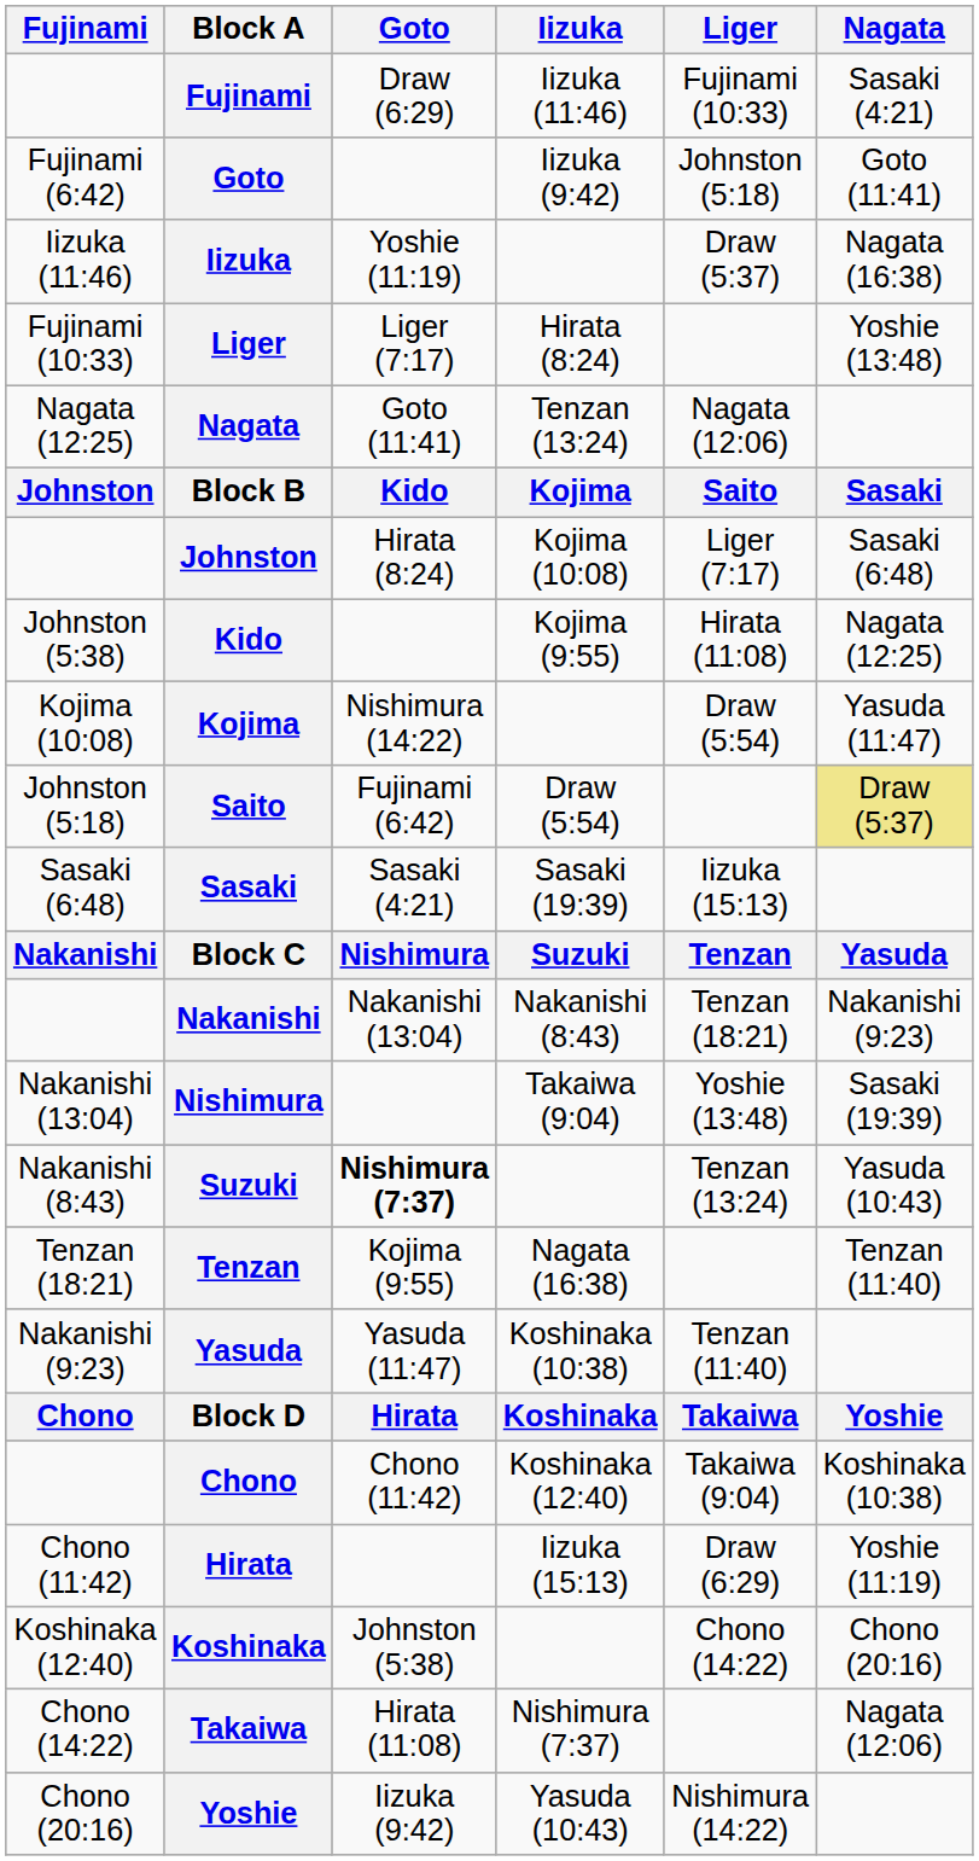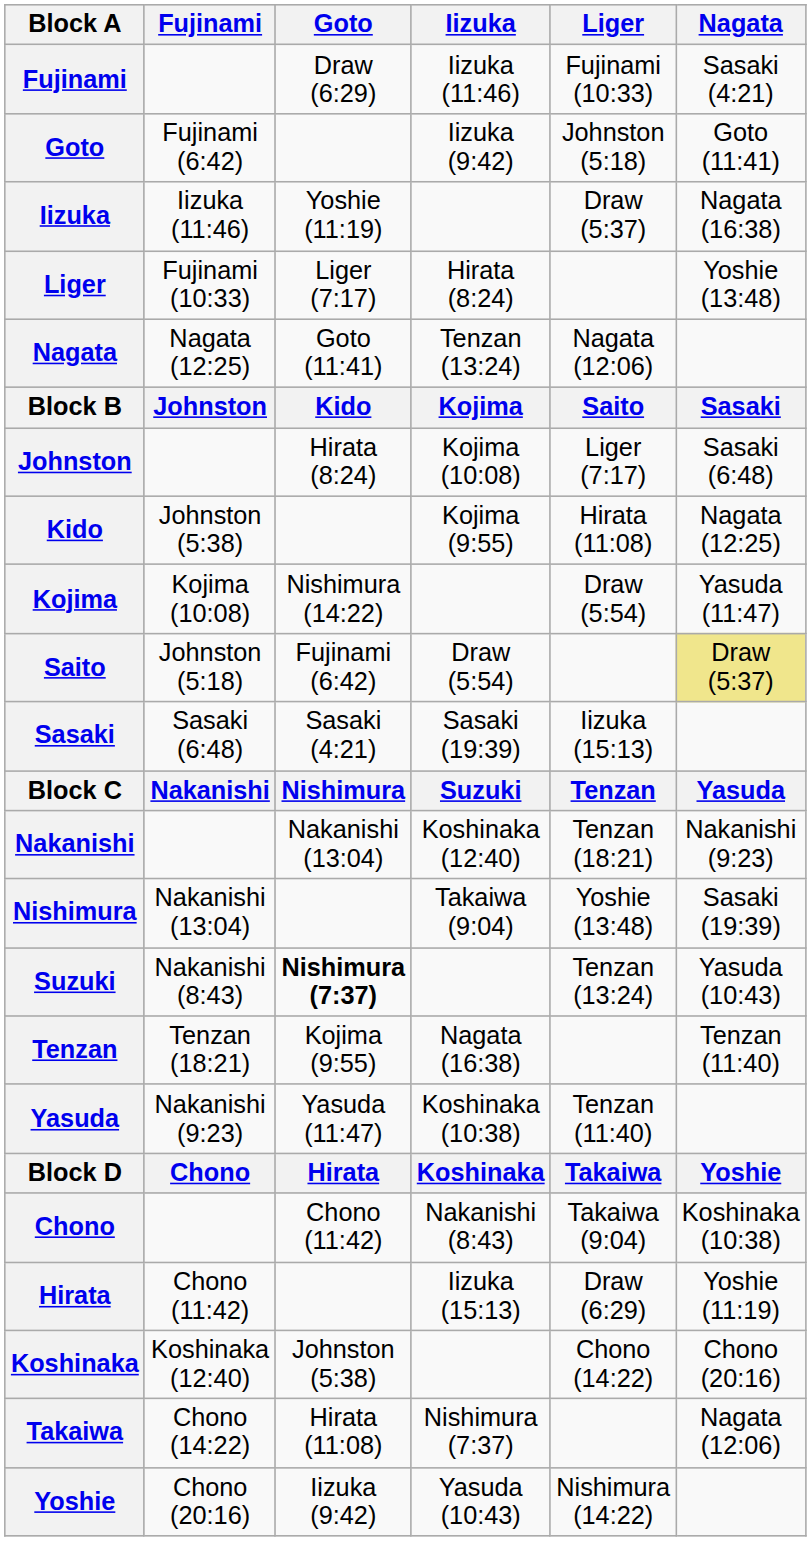 <table class="wikitable" style="margin: 1em auto 1em auto">
 <tr align="center">
+<th>Block A</th>
 <th><a href='#'>Fujinami</a></th>
-<th>Block A</th>
 <th><a href='#'>Goto</a></th>
 <th><a href='#'>Iizuka</a></th>
 <th><a href='#'>Liger</a></th>
 <th><a href='#'>Nagata</a></th>
 </tr>
 <tr align="center">
+<th><a href='#'>Fujinami</a></th>
 <td></td>
-<th><a href='#'>Fujinami</a></th>
 <td>Draw<br>(6:29)</td>
 <td>Iizuka<br>(11:46)</td>
 <td>Fujinami<br>(10:33)</td>
 <td>Sasaki<br>(4:21)</td>
 </tr>
 <tr align="center">
+<th><a href='#'>Goto</a></th>
 <td>Fujinami<br>(6:42)</td>
-<th><a href='#'>Goto</a></th>
 <td></td>
 <td>Iizuka<br>(9:42)</td>
 <td>Johnston<br>(5:18)</td>
 <td>Goto<br>(11:41)</td>
 </tr>
 <tr align="center">
+<th><a href='#'>Iizuka</a></th>
 <td>Iizuka<br>(11:46)</td>
-<th><a href='#'>Iizuka</a></th>
 <td>Yoshie<br>(11:19)</td>
 <td></td>
 <td>Draw<br>(5:37)</td>
 <td>Nagata<br>(16:38)</td>
 </tr>
 <tr align="center">
+<th><a href='#'>Liger</a></th>
 <td>Fujinami<br>(10:33)</td>
-<th><a href='#'>Liger</a></th>
 <td>Liger<br>(7:17)</td>
 <td>Hirata<br>(8:24)</td>
 <td></td>
 <td>Yoshie<br>(13:48)</td>
 </tr>
 <tr align="center">
+<th><a href='#'>Nagata</a></th>
 <td>Nagata<br>(12:25)</td>
-<th><a href='#'>Nagata</a></th>
 <td>Goto<br>(11:41)</td>
 <td>Tenzan<br>(13:24)</td>
 <td>Nagata<br>(12:06)</td>
 <td></td>
 </tr>
 <tr align="center">
+<th>Block B</th>
 <th><a href='#'>Johnston</a></th>
-<th>Block B</th>
 <th><a href='#'>Kido</a></th>
 <th><a href='#'>Kojima</a></th>
 <th><a href='#'>Saito</a></th>
 <th><a href='#'>Sasaki</a></th>
 </tr>
 <tr align="center">
+<th><a href='#'>Johnston</a></th>
 <td></td>
-<th><a href='#'>Johnston</a></th>
 <td>Hirata<br>(8:24)</td>
 <td>Kojima<br>(10:08)</td>
 <td>Liger<br>(7:17)</td>
 <td>Sasaki<br>(6:48)</td>
 </tr>
 <tr align="center">
+<th><a href='#'>Kido</a></th>
 <td>Johnston<br>(5:38)</td>
-<th><a href='#'>Kido</a></th>
 <td></td>
 <td>Kojima<br>(9:55)</td>
 <td>Hirata<br>(11:08)</td>
 <td>Nagata<br>(12:25)</td>
 </tr>
 <tr align="center">
+<th><a href='#'>Kojima</a></th>
 <td>Kojima<br>(10:08)</td>
-<th><a href='#'>Kojima</a></th>
 <td>Nishimura<br>(14:22)</td>
 <td></td>
 <td>Draw<br>(5:54)</td>
 <td>Yasuda<br>(11:47)</td>
 </tr>
 <tr align="center">
+<th><a href='#'>Saito</a></th>
 <td>Johnston<br>(5:18)</td>
-<th><a href='#'>Saito</a></th>
 <td>Fujinami<br>(6:42)</td>
 <td>Draw<br>(5:54)</td>
 <td></td>
 <td style="background: khaki;">Draw<br>(5:37)</td>
 </tr>
 <tr align="center">
+<th><a href='#'>Sasaki</a></th>
 <td>Sasaki<br>(6:48)</td>
-<th><a href='#'>Sasaki</a></th>
 <td>Sasaki<br>(4:21)</td>
 <td>Sasaki<br>(19:39)</td>
 <td>Iizuka<br>(15:13)</td>
 <td></td>
 </tr>
 <tr align="center">
+<th>Block C</th>
 <th><a href='#'>Nakanishi</a></th>
-<th>Block C</th>
 <th><a href='#'>Nishimura</a></th>
 <th><a href='#'>Suzuki</a></th>
 <th><a href='#'>Tenzan</a></th>
 <th><a href='#'>Yasuda</a></th>
 </tr>
 <tr align="center">
+<th><a href='#'>Nakanishi</a></th>
 <td></td>
-<th><a href='#'>Nakanishi</a></th>
 <td>Nakanishi<br>(13:04)</td>
-<td>Nakanishi<br>(8:43)</td>
+<td>Koshinaka<br>(12:40)</td>
 <td>Tenzan<br>(18:21)</td>
 <td>Nakanishi<br>(9:23)</td>
 </tr>
 <tr align="center">
+<th><a href='#'>Nishimura</a></th>
 <td>Nakanishi<br>(13:04)</td>
-<th><a href='#'>Nishimura</a></th>
 <td></td>
 <td>Takaiwa<br>(9:04)</td>
 <td>Yoshie<br>(13:48)</td>
 <td>Sasaki<br>(19:39)</td>
 </tr>
 <tr align="center">
+<th><a href='#'>Suzuki</a></th>
 <td>Nakanishi<br>(8:43)</td>
-<th><a href='#'>Suzuki</a></th>
 <td><strong>Nishimura<br>(7:37)</strong></td>
 <td></td>
 <td>Tenzan<br>(13:24)</td>
 <td>Yasuda<br>(10:43)</td>
 </tr>
 <tr align="center">
+<th><a href='#'>Tenzan</a></th>
 <td>Tenzan<br>(18:21)</td>
-<th><a href='#'>Tenzan</a></th>
 <td>Kojima<br>(9:55)</td>
 <td>Nagata<br>(16:38)</td>
 <td></td>
 <td>Tenzan<br>(11:40)</td>
 </tr>
 <tr align="center">
+<th><a href='#'>Yasuda</a></th>
 <td>Nakanishi<br>(9:23)</td>
-<th><a href='#'>Yasuda</a></th>
 <td>Yasuda<br>(11:47)</td>
 <td>Koshinaka<br>(10:38)</td>
 <td>Tenzan<br>(11:40)</td>
 <td></td>
 </tr>
 <tr align="center">
+<th>Block D</th>
 <th><a href='#'>Chono</a></th>
-<th>Block D</th>
 <th><a href='#'>Hirata</a></th>
 <th><a href='#'>Koshinaka</a></th>
 <th><a href='#'>Takaiwa</a></th>
 <th><a href='#'>Yoshie</a></th>
 </tr>
 <tr align="center">
+<th><a href='#'>Chono</a></th>
 <td></td>
-<th><a href='#'>Chono</a></th>
 <td>Chono<br>(11:42)</td>
-<td>Koshinaka<br>(12:40)</td>
+<td>Nakanishi<br>(8:43)</td>
 <td>Takaiwa<br>(9:04)</td>
 <td>Koshinaka<br>(10:38)</td>
 </tr>
 <tr align="center">
+<th><a href='#'>Hirata</a></th>
 <td>Chono<br>(11:42)</td>
-<th><a href='#'>Hirata</a></th>
 <td></td>
 <td>Iizuka<br>(15:13)</td>
 <td>Draw<br>(6:29)</td>
 <td>Yoshie<br>(11:19)</td>
 </tr>
 <tr align="center">
+<th><a href='#'>Koshinaka</a></th>
 <td>Koshinaka<br>(12:40)</td>
-<th><a href='#'>Koshinaka</a></th>
 <td>Johnston<br>(5:38)</td>
 <td></td>
 <td>Chono<br>(14:22)</td>
 <td>Chono<br>(20:16)</td>
 </tr>
 <tr align="center">
+<th><a href='#'>Takaiwa</a></th>
 <td>Chono<br>(14:22)</td>
-<th><a href='#'>Takaiwa</a></th>
 <td>Hirata<br>(11:08)</td>
 <td>Nishimura<br>(7:37)</td>
 <td></td>
 <td>Nagata<br>(12:06)</td>
 </tr>
 <tr align="center">
+<th><a href='#'>Yoshie</a></th>
 <td>Chono<br>(20:16)</td>
-<th><a href='#'>Yoshie</a></th>
 <td>Iizuka<br>(9:42)</td>
 <td>Yasuda<br>(10:43)</td>
 <td>Nishimura<br>(14:22)</td>
 <td></td>
 </tr>
 </table>
